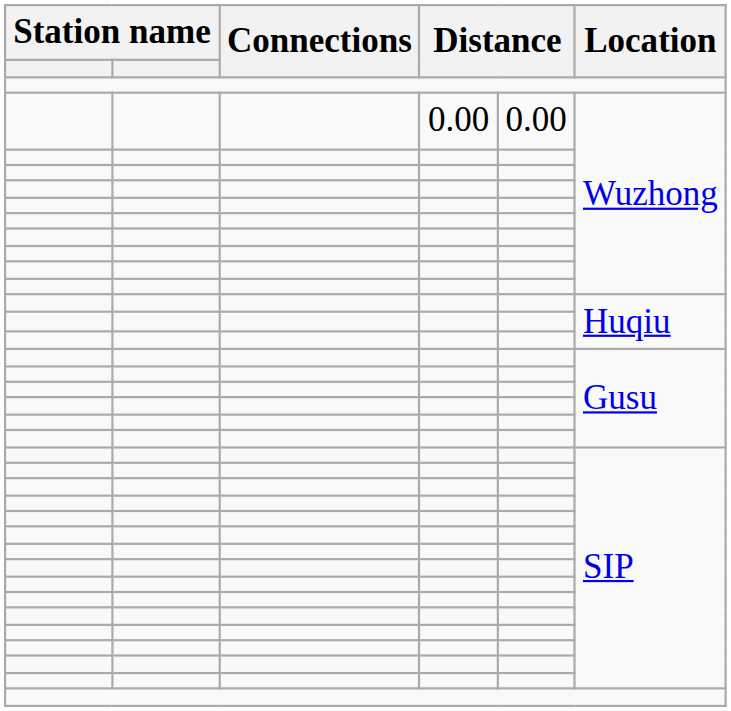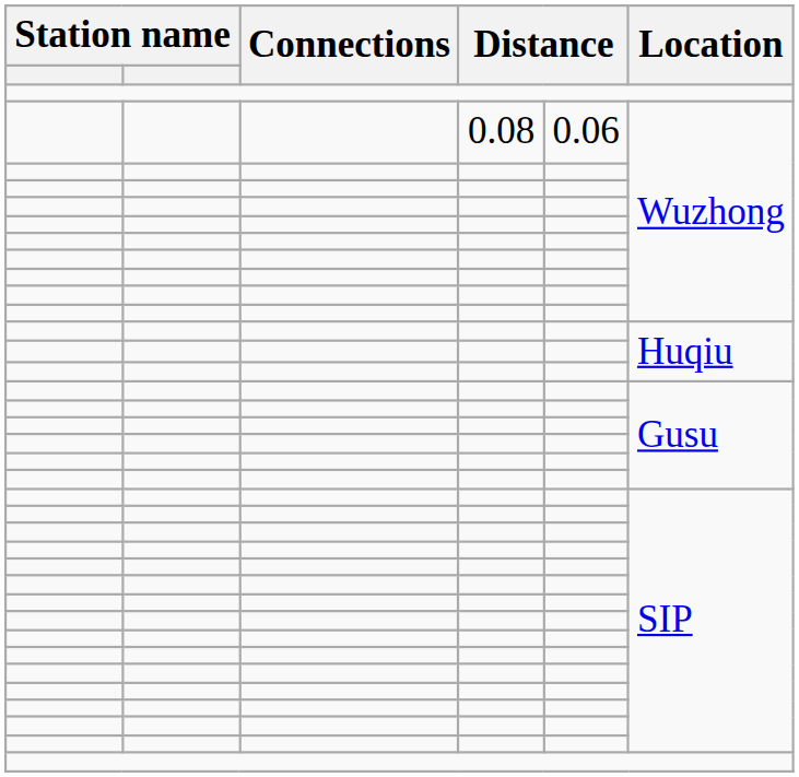 <table class="wikitable">
 <tr>
 <th colspan="2">Station name</th>
 <th rowspan="2">Connections</th>
 <th colspan="2" rowspan="2">Distance<br></th>
 <th rowspan="2">Location</th>
 </tr>
 <tr>
 <th></th>
 <th></th>
 </tr>
 <tr style="background:#">
 <td colspan = "7"></td>
 </tr>
 <tr>
 <td></td>
 <td></td>
 <td></td>
-<td>0.00</td>
-<td>0.00</td>
+<td>0.08</td>
+<td>0.06</td>
 <td rowspan="10"><a href='#'>Wuzhong</a></td>
 </tr>
 <tr>
 <td></td>
 <td></td>
 <td></td>
 <td></td>
 <td></td>
 </tr>
 <tr>
 <td></td>
 <td></td>
 <td></td>
 <td></td>
 <td></td>
 </tr>
 <tr>
 <td></td>
 <td></td>
 <td></td>
 <td></td>
 <td></td>
 </tr>
 <tr>
 <td></td>
 <td></td>
 <td></td>
 <td></td>
 <td></td>
 </tr>
 <tr>
 <td></td>
 <td></td>
 <td></td>
 <td></td>
 <td></td>
 </tr>
 <tr>
 <td></td>
 <td></td>
 <td></td>
 <td></td>
 <td></td>
 </tr>
 <tr>
 <td></td>
 <td></td>
 <td></td>
 <td></td>
 <td></td>
 </tr>
 <tr>
 <td></td>
 <td></td>
 <td></td>
 <td></td>
 <td></td>
 </tr>
 <tr>
 <td></td>
 <td></td>
 <td></td>
 <td></td>
 <td></td>
 </tr>
 <tr>
 <td></td>
 <td></td>
 <td></td>
 <td></td>
 <td></td>
 <td rowspan="3"><a href='#'>Huqiu</a></td>
 </tr>
 <tr>
 <td></td>
 <td></td>
 <td></td>
 <td></td>
 <td></td>
 </tr>
 <tr>
 <td></td>
 <td></td>
 <td></td>
 <td></td>
 <td></td>
 </tr>
 <tr>
 <td></td>
 <td></td>
 <td></td>
 <td></td>
 <td></td>
 <td rowspan="6"><a href='#'>Gusu</a></td>
 </tr>
 <tr>
 <td></td>
 <td></td>
 <td></td>
 <td></td>
 <td></td>
 </tr>
 <tr>
 <td></td>
 <td></td>
 <td></td>
 <td></td>
 <td></td>
 </tr>
 <tr>
 <td></td>
 <td></td>
 <td></td>
 <td></td>
 <td></td>
 </tr>
 <tr>
 <td></td>
 <td></td>
 <td></td>
 <td></td>
 <td></td>
 </tr>
 <tr>
 <td></td>
 <td></td>
 <td></td>
 <td></td>
 <td></td>
 </tr>
 <tr>
 <td></td>
 <td></td>
 <td></td>
 <td></td>
 <td></td>
 <td rowspan="15"><a href='#'>SIP</a></td>
 </tr>
 <tr>
 <td></td>
 <td></td>
 <td></td>
 <td></td>
 <td></td>
 </tr>
 <tr>
 <td></td>
 <td></td>
 <td></td>
 <td></td>
 <td></td>
 </tr>
 <tr>
 <td></td>
 <td></td>
 <td></td>
 <td></td>
 <td></td>
 </tr>
 <tr>
 <td></td>
 <td></td>
 <td></td>
 <td></td>
 <td></td>
 </tr>
 <tr>
 <td></td>
 <td></td>
 <td></td>
 <td></td>
 <td></td>
 </tr>
 <tr>
 <td></td>
 <td></td>
 <td></td>
 <td></td>
 <td></td>
 </tr>
 <tr>
 <td></td>
 <td></td>
 <td></td>
 <td></td>
 <td></td>
 </tr>
 <tr>
 <td></td>
 <td></td>
 <td></td>
 <td></td>
 <td></td>
 </tr>
 <tr>
 <td></td>
 <td></td>
 <td></td>
 <td></td>
 <td></td>
 </tr>
 <tr>
 <td></td>
 <td></td>
 <td></td>
 <td></td>
 <td></td>
 </tr>
 <tr>
 <td></td>
 <td></td>
 <td></td>
 <td></td>
 <td></td>
 </tr>
 <tr>
 <td></td>
 <td></td>
 <td></td>
 <td></td>
 <td></td>
 </tr>
 <tr>
 <td></td>
 <td></td>
 <td></td>
 <td></td>
 <td></td>
 </tr>
 <tr>
 <td></td>
 <td></td>
 <td></td>
 <td></td>
 <td></td>
 </tr>
 <tr style="background:#">
 <td colspan = "7"></td>
 </tr>
 </table>
